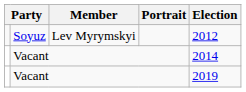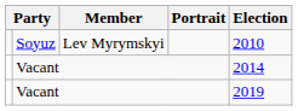 <table class="wikitable">
 <tr>
 <th colspan="2">Party</th>
 <th>Member</th>
 <th>Portrait</th>
 <th>Election</th>
 </tr>
 <tr>
 <td style="background-color: "></td>
 <td><a href='#'>Soyuz</a></td>
 <td>Lev Myrymskyi</td>
 <td></td>
-<td><a href='#'>2012</a></td>
+<td><a href='#'>2010</a></td>
 </tr>
 <tr>
 <td style="background-color: white"></td>
 <td colspan=3>Vacant</td>
 <td><a href='#'>2014</a></td>
 </tr>
 <tr>
 <td style="background-color: white"></td>
 <td colspan=3>Vacant</td>
 <td><a href='#'>2019</a></td>
 </tr>
 </table>
